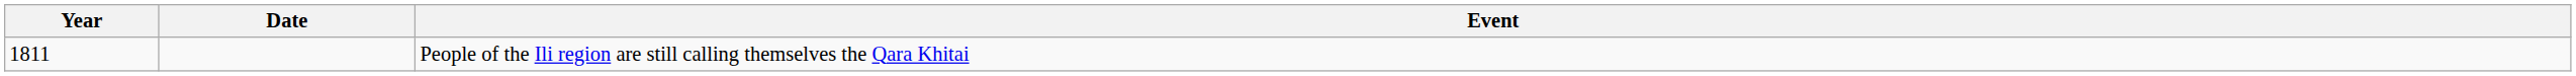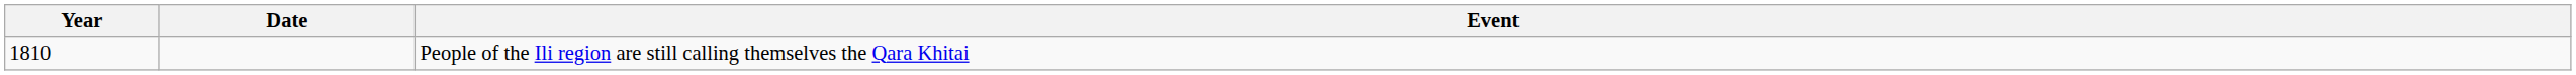 <table class="wikitable" width="100%">
 <tr>
 <th style="width:6%">Year</th>
 <th style="width:10%">Date</th>
 <th>Event</th>
 </tr>
 <tr>
-<td>1811</td>
+<td>1810</td>
 <td></td>
 <td>People of the <a href='#'>Ili region</a> are still calling themselves the <a href='#'>Qara Khitai</a></td>
 </tr>
 </table>
